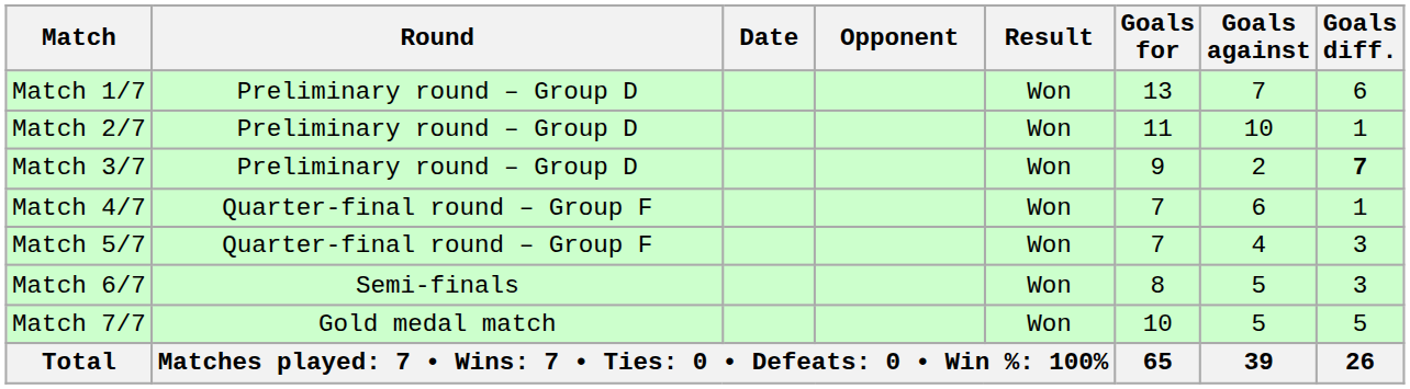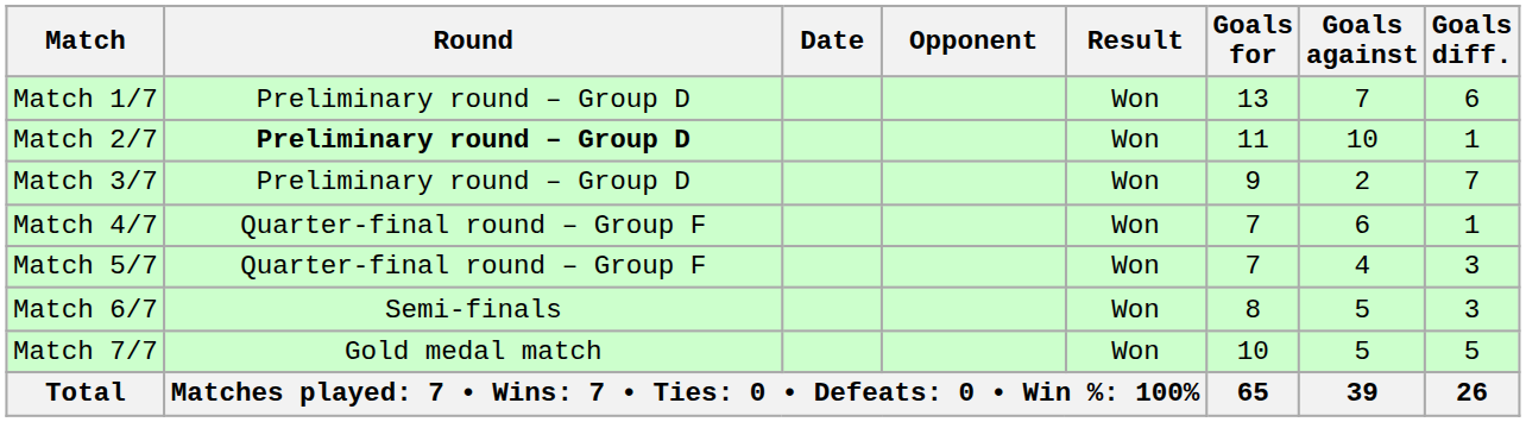 <table class="wikitable sortable" style="text-align: center; font-size: 85%; margin-left: 1em;">
 <tr>
 <th>Match</th>
 <th>Round</th>
 <th>Date</th>
 <th>Opponent</th>
 <th>Result</th>
 <th>Goals<br>for</th>
 <th>Goals<br>against</th>
 <th>Goals<br>diff.</th>
 </tr>
 <tr style="background-color: #ccffcc;">
 <td>Match 1/7</td>
 <td>Preliminary round – Group D</td>
 <td style="text-align: right;"></td>
 <td style="text-align: left;"></td>
 <td>Won</td>
 <td>13</td>
 <td>7</td>
 <td>6</td>
 </tr>
 <tr style="background-color: #ccffcc;">
 <td>Match 2/7</td>
-<td>Preliminary round – Group D</td>
+<td><strong>Preliminary round – Group D</strong></td>
 <td style="text-align: right;"></td>
 <td style="text-align: left;"></td>
 <td>Won</td>
 <td>11</td>
 <td>10</td>
 <td>1</td>
 </tr>
 <tr style="background-color: #ccffcc;">
 <td>Match 3/7</td>
 <td>Preliminary round – Group D</td>
 <td style="text-align: right;"></td>
 <td style="text-align: left;"></td>
 <td>Won</td>
 <td>9</td>
 <td>2</td>
-<td><strong>7</strong></td>
+<td>7</td>
 </tr>
 <tr style="background-color: #ccffcc;">
 <td>Match 4/7</td>
 <td>Quarter-final round – Group F</td>
 <td style="text-align: right;"></td>
 <td style="text-align: left;"></td>
 <td>Won</td>
 <td>7</td>
 <td>6</td>
 <td>1</td>
 </tr>
 <tr style="background-color: #ccffcc;">
 <td>Match 5/7</td>
 <td>Quarter-final round – Group F</td>
 <td style="text-align: right;"></td>
 <td style="text-align: left;"></td>
 <td>Won</td>
 <td>7</td>
 <td>4</td>
 <td>3</td>
 </tr>
 <tr style="background-color: #ccffcc;">
 <td>Match 6/7</td>
 <td>Semi-finals</td>
 <td style="text-align: right;"></td>
 <td style="text-align: left;"></td>
 <td>Won</td>
 <td>8</td>
 <td>5</td>
 <td>3</td>
 </tr>
 <tr style="background-color: #ccffcc;">
 <td>Match 7/7</td>
 <td>Gold medal match</td>
 <td style="text-align: right;"></td>
 <td style="text-align: left;"></td>
 <td>Won</td>
 <td>10</td>
 <td>5</td>
 <td>5</td>
 </tr>
 <tr>
 <th>Total</th>
 <th colspan="4">Matches played: 7 • Wins: 7 • Ties: 0 • Defeats: 0 • Win %: 100%</th>
 <th>65</th>
 <th>39</th>
 <th>26</th>
 </tr>
 </table>
